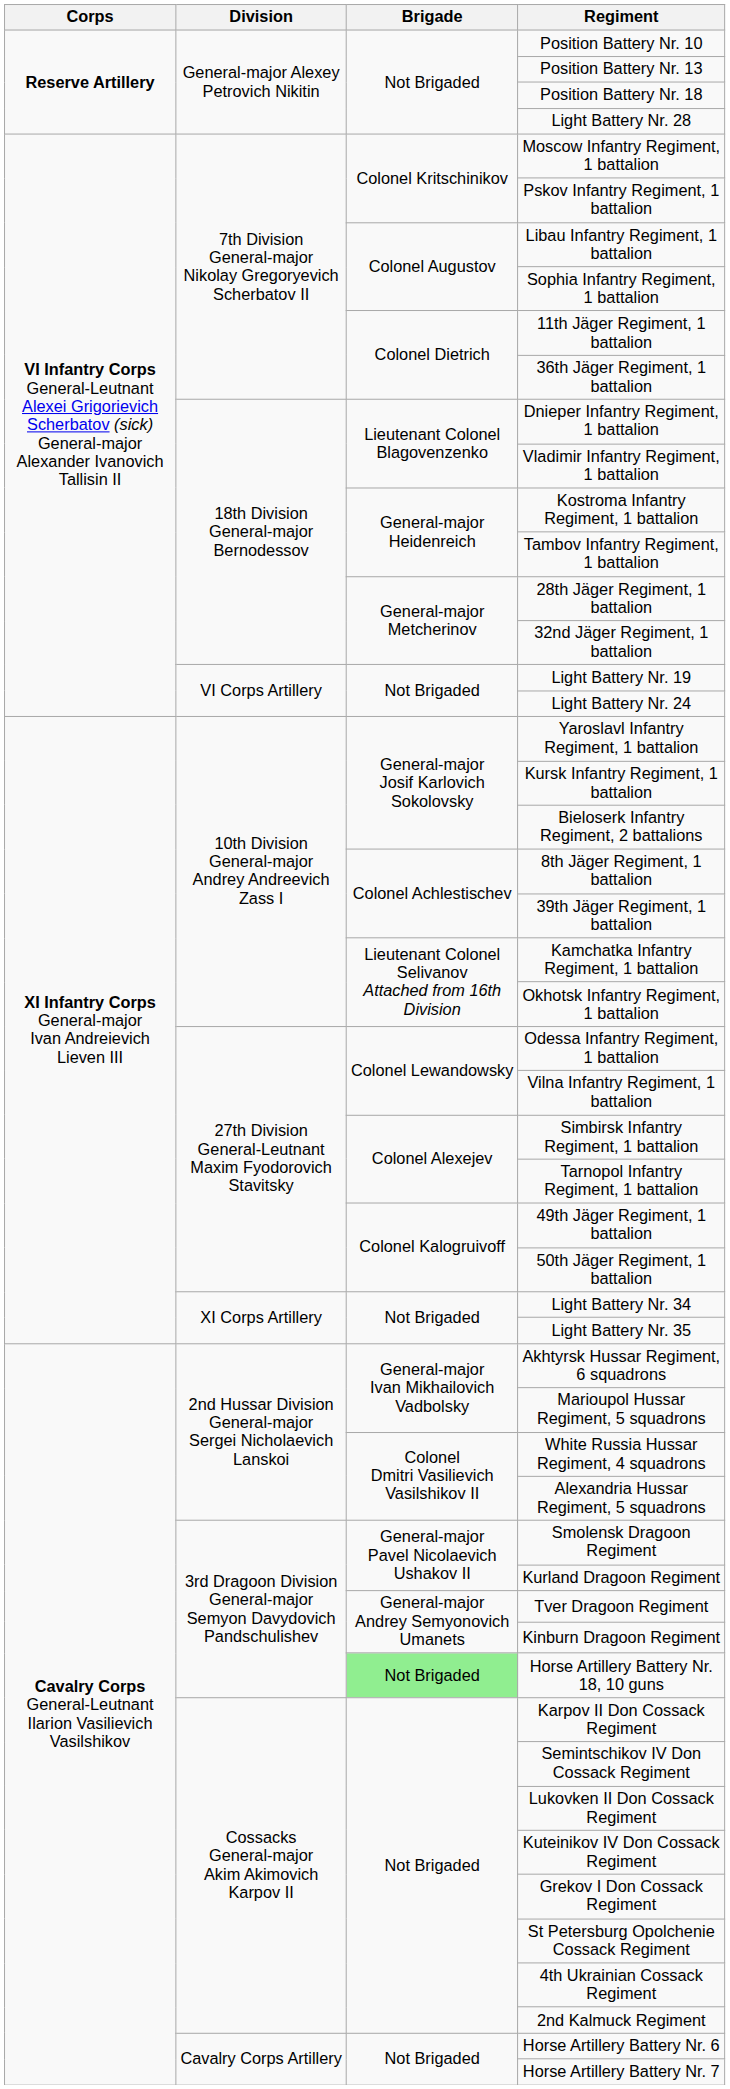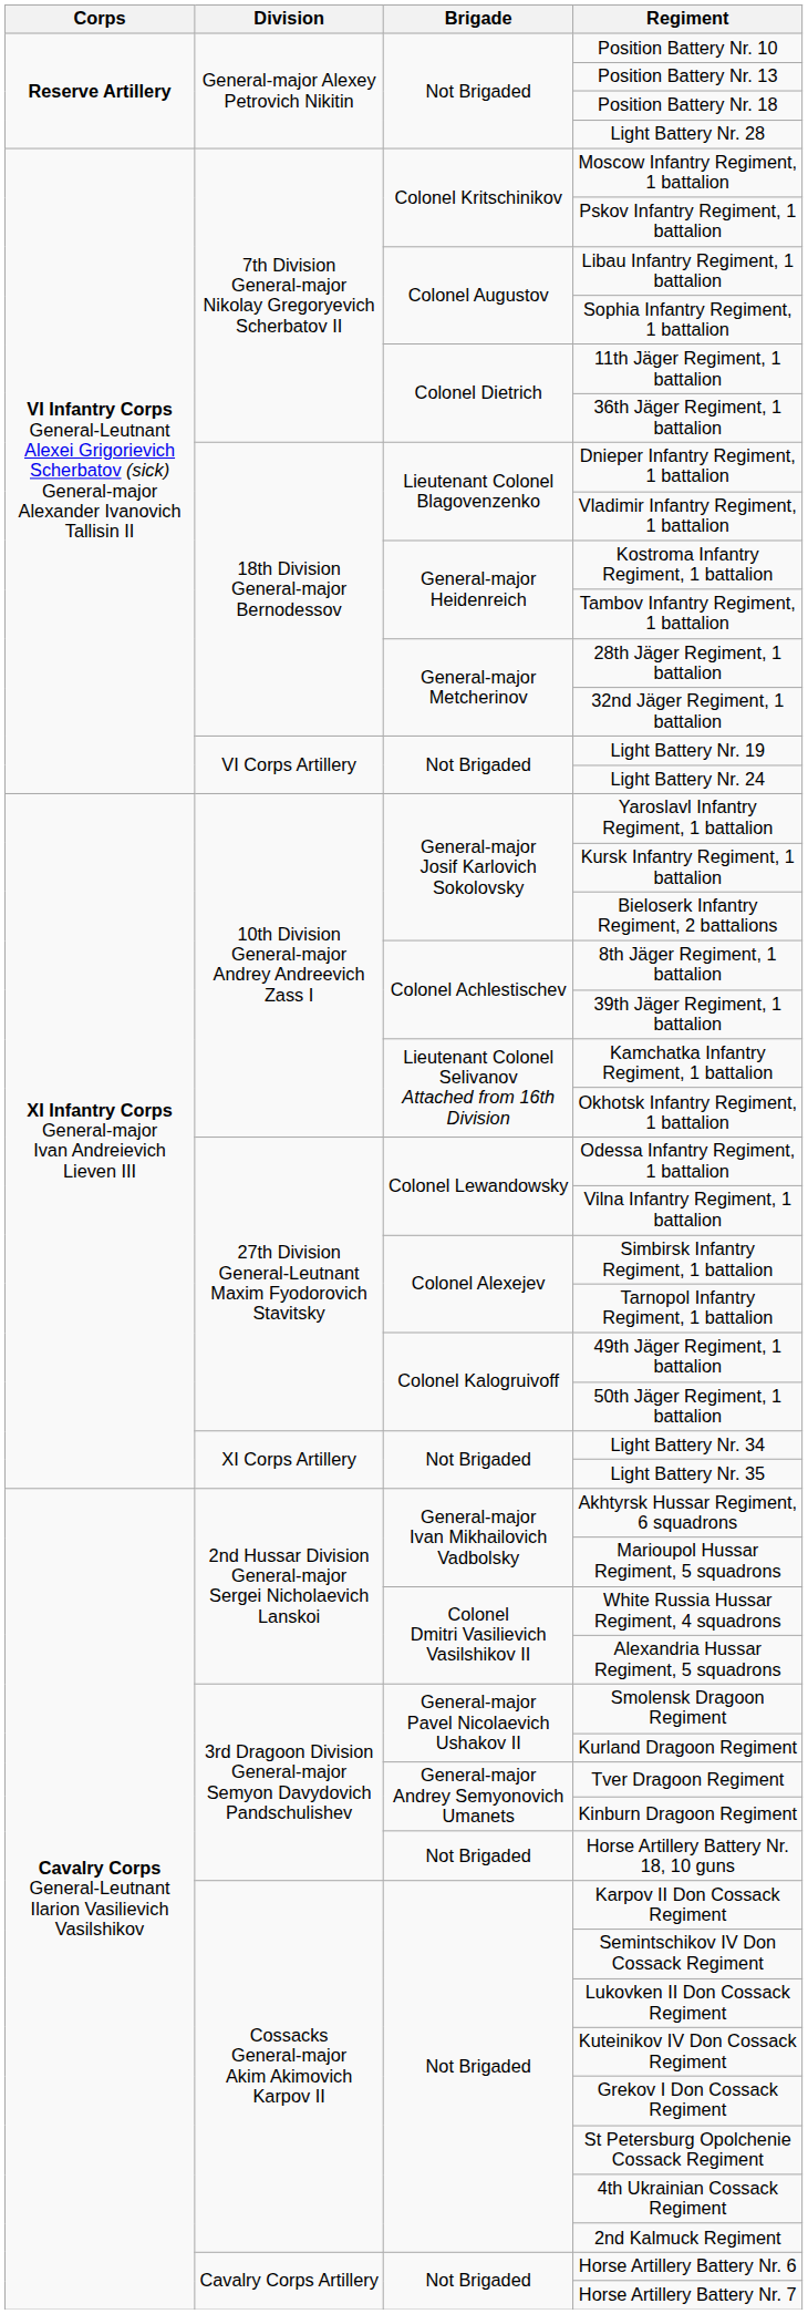 <table class="wikitable" style="text-align:center; width:80%;">
 <tr>
 <th width=19%>Corps</th>
 <th width=19%>Division</th>
 <th width=19%>Brigade</th>
 <th width=23%>Regiment</th>
 </tr>
 <tr>
 <td ROWSPAN=4><strong>Reserve Artillery</strong></td>
 <td ROWSPAN=4>General-major Alexey Petrovich Nikitin<br></td>
 <td ROWSPAN=4>Not Brigaded</td>
 <td>Position Battery Nr. 10</td>
 </tr>
 <tr>
 <td>Position Battery Nr. 13</td>
 </tr>
 <tr>
 <td>Position Battery Nr. 18</td>
 </tr>
 <tr>
 <td>Light Battery Nr. 28</td>
 </tr>
 <tr>
 <td ROWSPAN=14><strong>VI Infantry Corps</strong><br>General-Leutnant<br><a href='#'>Alexei Grigorievich Scherbatov</a> <em>(sick)</em><br>General-major<br>Alexander Ivanovich Tallisin II<br></td>
 <td ROWSPAN=6>7th Division<br>General-major<br>Nikolay Gregoryevich Scherbatov II<br></td>
 <td ROWSPAN=2>Colonel Kritschinikov</td>
 <td>Moscow Infantry Regiment, 1 battalion</td>
 </tr>
 <tr>
 <td>Pskov Infantry Regiment, 1 battalion</td>
 </tr>
 <tr>
 <td ROWSPAN=2>Colonel Augustov</td>
 <td>Libau Infantry Regiment, 1 battalion</td>
 </tr>
 <tr>
 <td>Sophia Infantry Regiment, 1 battalion</td>
 </tr>
 <tr>
 <td ROWSPAN=2>Colonel Dietrich</td>
 <td>11th Jäger Regiment, 1 battalion</td>
 </tr>
 <tr>
 <td>36th Jäger Regiment, 1 battalion</td>
 </tr>
 <tr>
 <td ROWSPAN=6>18th Division<br>General-major<br>Bernodessov</td>
 <td ROWSPAN=2>Lieutenant Colonel Blagovenzenko</td>
 <td>Dnieper Infantry Regiment, 1 battalion</td>
 </tr>
 <tr>
 <td>Vladimir Infantry Regiment, 1 battalion</td>
 </tr>
 <tr>
 <td ROWSPAN=2>General-major Heidenreich</td>
 <td>Kostroma Infantry Regiment, 1 battalion</td>
 </tr>
 <tr>
 <td>Tambov Infantry Regiment, 1 battalion</td>
 </tr>
 <tr>
 <td ROWSPAN=2>General-major Metcherinov</td>
 <td>28th Jäger Regiment, 1 battalion</td>
 </tr>
 <tr>
 <td>32nd Jäger Regiment, 1 battalion</td>
 </tr>
 <tr>
 <td ROWSPAN=2>VI Corps Artillery</td>
 <td ROWSPAN=2>Not Brigaded</td>
 <td>Light Battery Nr. 19</td>
 </tr>
 <tr>
 <td>Light Battery Nr. 24</td>
 </tr>
 <tr>
 <td ROWSPAN=15><strong>XI Infantry Corps</strong><br>General-major<br>Ivan Andreievich Lieven III<br></td>
 <td ROWSPAN=7>10th Division<br>General-major<br>Andrey Andreevich Zass I<br></td>
 <td ROWSPAN=3>General-major<br>Josif Karlovich Sokolovsky</td>
 <td>Yaroslavl Infantry Regiment, 1 battalion</td>
 </tr>
 <tr>
 <td>Kursk Infantry Regiment, 1 battalion</td>
 </tr>
 <tr>
 <td>Bieloserk Infantry Regiment, 2 battalions</td>
 </tr>
 <tr>
 <td ROWSPAN=2>Colonel Achlestischev</td>
 <td>8th Jäger Regiment, 1 battalion</td>
 </tr>
 <tr>
 <td>39th Jäger Regiment, 1 battalion</td>
 </tr>
 <tr>
 <td ROWSPAN=2>Lieutenant Colonel Selivanov<br><em>Attached from 16th Division</em></td>
 <td>Kamchatka Infantry Regiment, 1 battalion</td>
 </tr>
 <tr>
 <td>Okhotsk Infantry Regiment, 1 battalion</td>
 </tr>
 <tr>
 <td ROWSPAN=6>27th Division<br>General-Leutnant<br>Maxim Fyodorovich Stavitsky<br></td>
 <td ROWSPAN=2>Colonel Lewandowsky</td>
 <td>Odessa Infantry Regiment, 1 battalion</td>
 </tr>
 <tr>
 <td>Vilna Infantry Regiment, 1 battalion</td>
 </tr>
 <tr>
 <td ROWSPAN=2>Colonel Alexejev</td>
 <td>Simbirsk Infantry Regiment, 1 battalion</td>
 </tr>
 <tr>
 <td>Tarnopol Infantry Regiment, 1 battalion</td>
 </tr>
 <tr>
 <td ROWSPAN=2>Colonel Kalogruivoff</td>
 <td>49th Jäger Regiment, 1 battalion</td>
 </tr>
 <tr>
 <td>50th Jäger Regiment, 1 battalion</td>
 </tr>
 <tr>
 <td ROWSPAN=2>XI Corps Artillery</td>
 <td ROWSPAN=2>Not Brigaded</td>
 <td>Light Battery Nr. 34</td>
 </tr>
 <tr>
 <td>Light Battery Nr. 35</td>
 </tr>
 <tr>
 <td ROWSPAN=19><strong>Cavalry Corps</strong><br>General-Leutnant<br>Ilarion Vasilievich Vasilshikov<br></td>
 <td ROWSPAN=4>2nd Hussar Division<br>General-major<br>Sergei Nicholaevich Lanskoi<br></td>
 <td ROWSPAN=2>General-major<br>Ivan Mikhailovich Vadbolsky</td>
 <td>Akhtyrsk Hussar Regiment, 6 squadrons</td>
 </tr>
 <tr>
 <td>Marioupol Hussar Regiment, 5 squadrons</td>
 </tr>
 <tr>
 <td ROWSPAN=2>Colonel<br>Dmitri Vasilievich Vasilshikov II</td>
 <td>White Russia Hussar Regiment, 4 squadrons</td>
 </tr>
 <tr>
 <td>Alexandria Hussar Regiment, 5 squadrons</td>
 </tr>
 <tr>
 <td ROWSPAN=5>3rd Dragoon Division<br>General-major<br>Semyon Davydovich Pandschulishev<br></td>
 <td ROWSPAN=2>General-major<br>Pavel Nicolaevich Ushakov II</td>
 <td>Smolensk Dragoon Regiment</td>
 </tr>
 <tr>
 <td>Kurland Dragoon Regiment</td>
 </tr>
 <tr>
 <td ROWSPAN=2>General-major<br>Andrey Semyonovich Umanets</td>
 <td>Tver Dragoon Regiment</td>
 </tr>
 <tr>
 <td>Kinburn Dragoon Regiment</td>
 </tr>
 <tr>
-<td ROWSPAN=1 style="background: lightgreen;">Not Brigaded</td>
+<td ROWSPAN=1>Not Brigaded</td>
 <td>Horse Artillery Battery Nr. 18, 10 guns</td>
 </tr>
 <tr>
 <td ROWSPAN=8>Cossacks<br>General-major<br>Akim Akimovich Karpov II<br></td>
 <td ROWSPAN=8>Not Brigaded</td>
 <td>Karpov II Don Cossack Regiment</td>
 </tr>
 <tr>
 <td>Semintschikov IV Don Cossack Regiment</td>
 </tr>
 <tr>
 <td>Lukovken II Don Cossack Regiment</td>
 </tr>
 <tr>
 <td>Kuteinikov IV Don Cossack Regiment</td>
 </tr>
 <tr>
 <td>Grekov I Don Cossack Regiment</td>
 </tr>
 <tr>
 <td>St Petersburg Opolchenie Cossack Regiment</td>
 </tr>
 <tr>
 <td>4th Ukrainian Cossack Regiment</td>
 </tr>
 <tr>
 <td>2nd Kalmuck Regiment</td>
 </tr>
 <tr>
 <td ROWSPAN=2>Cavalry Corps Artillery</td>
 <td ROWSPAN=2>Not Brigaded</td>
 <td>Horse Artillery Battery Nr. 6</td>
 </tr>
 <tr>
 <td>Horse Artillery Battery Nr. 7</td>
 </tr>
 <tr>
 </tr>
 </table>
